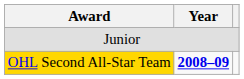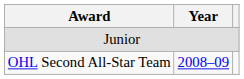 <table class="wikitable">
 <tr>
 <th>Award</th>
 <th>Year</th>
 <th></th>
 </tr>
 <tr ALIGN="center" bgcolor="#e0e0e0">
 <td colspan="3">Junior</td>
 </tr>
 <tr>
-<td style="background: gold;"><a href='#'>OHL</a> Second All-Star Team</td>
-<td><strong><a href='#'>2008–09</a></strong></td>
+<td><a href='#'>OHL</a> Second All-Star Team</td>
+<td><a href='#'>2008–09</a></td>
 <td></td>
 </tr>
 </table>
